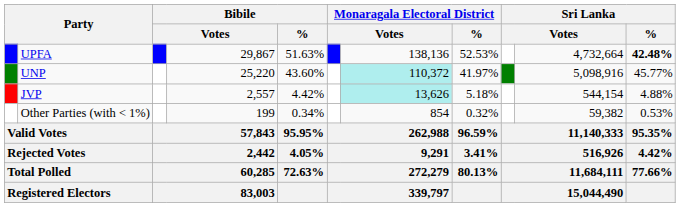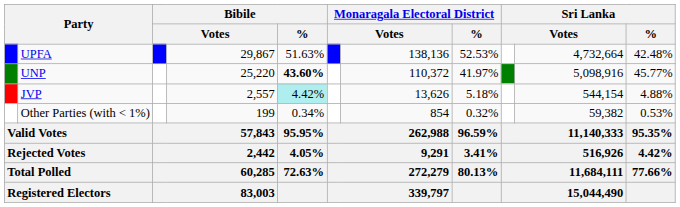 <table class="wikitable">
 <tr>
 <th colspan="2" width="144px"rowspan="2">Party</th>
 <th colspan="3" width="216px">Bibile</th>
 <th colspan="3" width="216px"><a href='#'>Monaragala Electoral District</a></th>
 <th colspan="3" width="216px">Sri Lanka</th>
 </tr>
 <tr>
 <th colspan="2" width="144px">Votes</th>
 <th>%</th>
 <th colspan="2" width="144px">Votes</th>
 <th>%</th>
 <th colspan="2" width="144px">Votes</th>
 <th>%</th>
 </tr>
 <tr>
 <td style="background-color:blue;" width="10px"></td>
 <td style="text-align:left;"><a href='#'>UPFA</a></td>
 <td style="background-color:blue;" width="10px"></td>
 <td style="text-align:right;">29,867</td>
 <td style="text-align:right;">51.63%</td>
 <td style="background-color:blue;" width="10px"></td>
 <td style="text-align:right;">138,136</td>
 <td style="text-align:right;">52.53%</td>
 <td style="background-color:white;" width="10px"></td>
 <td style="text-align:right;">4,732,664</td>
-<td style="text-align:right;"><strong>42.48%</strong></td>
+<td style="text-align:right;">42.48%</td>
 </tr>
 <tr>
 <td style="background-color:green;" width="10px"></td>
 <td style="text-align:left;"><a href='#'>UNP</a></td>
 <td style="background-color:white;" width="10px"></td>
 <td style="text-align:right;">25,220</td>
-<td style="text-align:right;">43.60%</td>
+<td style="text-align:right;"><strong>43.60%</strong></td>
 <td style="background-color:white;" width="10px"></td>
-<td style="background: paleturquoise; text-align:right;">110,372</td>
+<td style="text-align:right;">110,372</td>
 <td style="text-align:right;">41.97%</td>
 <td style="background-color:green;" width="10px"></td>
 <td style="text-align:right;">5,098,916</td>
 <td style="text-align:right;">45.77%</td>
 </tr>
 <tr>
 <td style="background-color:red;" width="10px"></td>
 <td style="text-align:left;"><a href='#'>JVP</a></td>
 <td style="background-color:white;" width="10px"></td>
 <td style="text-align:right;">2,557</td>
-<td style="text-align:right;">4.42%</td>
+<td style="background: paleturquoise; text-align:right;">4.42%</td>
 <td style="background-color:white;" width="10px"></td>
-<td style="background: paleturquoise; text-align:right;">13,626</td>
+<td style="text-align:right;">13,626</td>
 <td style="text-align:right;">5.18%</td>
 <td style="background-color:white;" width="10px"></td>
 <td style="text-align:right;">544,154</td>
 <td style="text-align:right;">4.88%</td>
 </tr>
 <tr>
 <td style="background-color:white;" width="10px"></td>
 <td style="text-align:left;">Other Parties (with < 1%)</td>
 <td style="background-color:white;" width="10px"></td>
 <td style="text-align:right;">199</td>
 <td style="text-align:right;">0.34%</td>
 <td style="background-color:white;" width="10px"></td>
 <td style="text-align:right;">854</td>
 <td style="text-align:right;">0.32%</td>
 <td style="background-color:white;" width="10px"></td>
 <td style="text-align:right;">59,382</td>
 <td style="text-align:right;">0.53%</td>
 </tr>
 <tr>
 <th colspan="2" width="144px"style="text-align:left;">Valid Votes</th>
 <th style="text-align:right;"colspan="2" width="144px">57,843</th>
 <th style="text-align:right;">95.95%</th>
 <th style="text-align:right;"colspan="2" width="144px">262,988</th>
 <th style="text-align:right;">96.59%</th>
 <th style="text-align:right;"colspan="2" width="144px">11,140,333</th>
 <th style="text-align:right;">95.35%</th>
 </tr>
 <tr>
 <th colspan="2" width="144px"style="text-align:left;">Rejected Votes</th>
 <th style="text-align:right;"colspan="2" width="144px">2,442</th>
 <th style="text-align:right;">4.05%</th>
 <th style="text-align:right;"colspan="2" width="144px">9,291</th>
 <th style="text-align:right;">3.41%</th>
 <th style="text-align:right;"colspan="2" width="144px">516,926</th>
 <th style="text-align:right;">4.42%</th>
 </tr>
 <tr>
 <th colspan="2" width="144px"style="text-align:left;">Total Polled</th>
 <th style="text-align:right;"colspan="2" width="144px">60,285</th>
 <th style="text-align:right;">72.63%</th>
 <th style="text-align:right;"colspan="2" width="144px">272,279</th>
 <th style="text-align:right;">80.13%</th>
 <th style="text-align:right;"colspan="2" width="144px">11,684,111</th>
 <th style="text-align:right;">77.66%</th>
 </tr>
 <tr>
 <th colspan="2" width="144px"style="text-align:left;">Registered Electors</th>
 <th style="text-align:right;"colspan="2" width="144px">83,003</th>
 <th></th>
 <th style="text-align:right;"colspan="2" width="144px">339,797</th>
 <th></th>
 <th style="text-align:right;"colspan="2" width="144px">15,044,490</th>
 <th></th>
 </tr>
 </table>
